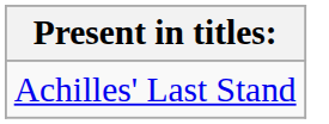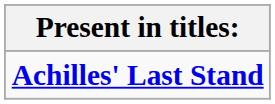 <table class="wikitable">
 <tr>
 <th>Present in titles:</th>
 </tr>
 <tr>
-<td><a href='#'>Achilles' Last Stand</a></td>
+<td><strong><a href='#'>Achilles' Last Stand</a></strong></td>
 </tr>
 </table>
